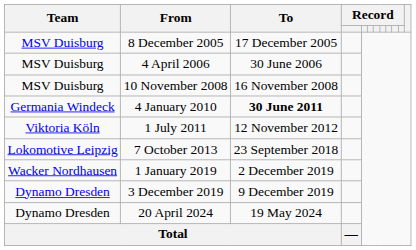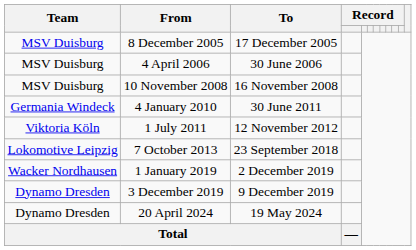 <table class="wikitable" style="text-align: center">
 <tr>
 <th rowspan="2">Team</th>
 <th rowspan="2">From</th>
 <th rowspan="2">To</th>
 <th colspan="8">Record</th>
 <th rowspan="2"></th>
 </tr>
 <tr>
 <th></th>
 <th></th>
 <th></th>
 <th></th>
 <th></th>
 <th></th>
 <th></th>
 <th></th>
 </tr>
 <tr>
 <td><a href='#'>MSV Duisburg</a></td>
 <td>8 December 2005</td>
 <td>17 December 2005<br></td>
 <td></td>
 </tr>
 <tr>
 <td>MSV Duisburg</td>
 <td>4 April 2006</td>
 <td>30 June 2006<br></td>
 <td></td>
 </tr>
 <tr>
 <td>MSV Duisburg</td>
 <td>10 November 2008</td>
 <td>16 November 2008<br></td>
 <td></td>
 </tr>
 <tr>
 <td><a href='#'>Germania Windeck</a></td>
 <td>4 January 2010</td>
-<td><strong>30 June 2011<br></strong></td>
+<td>30 June 2011<br></td>
 <td></td>
 </tr>
 <tr>
 <td><a href='#'>Viktoria Köln</a></td>
 <td>1 July 2011</td>
 <td>12 November 2012<br></td>
 <td></td>
 </tr>
 <tr>
 <td><a href='#'>Lokomotive Leipzig</a></td>
 <td>7 October 2013</td>
 <td>23 September 2018<br></td>
 <td></td>
 </tr>
 <tr>
 <td><a href='#'>Wacker Nordhausen</a></td>
 <td>1 January 2019</td>
 <td>2 December 2019<br></td>
 <td></td>
 </tr>
 <tr>
 <td><a href='#'>Dynamo Dresden</a></td>
 <td>3 December 2019</td>
 <td>9 December 2019<br></td>
 <td></td>
 </tr>
 <tr>
 <td>Dynamo Dresden</td>
 <td>20 April 2024</td>
 <td>19 May 2024<br></td>
 <td></td>
 </tr>
 <tr>
 <th colspan="3">Total<br></th>
 <th>—</th>
 </tr>
 </table>
